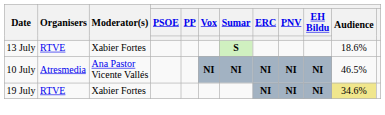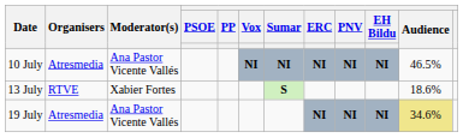 <table class="wikitable" style="text-align:center;">
 <tr>
 <th rowspan="3">Date</th>
 <th rowspan="3">Organisers</th>
 <th rowspan="3">Moderator(s)</th>
 <th colspan="9">          </th>
 </tr>
 <tr>
 <th scope="col" style="width:5em;"><a href='#'>PSOE</a></th>
 <th scope="col" style="width:5em;"><a href='#'>PP</a></th>
 <th scope="col" style="width:5em;"><a href='#'>Vox</a></th>
 <th scope="col" style="width:5em;"><a href='#'>Sumar</a></th>
 <th scope="col" style="width:5em;"><a href='#'>ERC</a></th>
 <th scope="col" style="width:5em;"><a href='#'>PNV</a></th>
 <th scope="col" style="width:5em;"><a href='#'>EH Bildu</a></th>
 <th rowspan="2" scope="col" style="width:5em;">Audience</th>
 <th rowspan="2"></th>
 </tr>
 <tr>
 <th style="color:inherit;background:"></th>
 <th style="color:inherit;background:"></th>
 <th style="color:inherit;background:"></th>
 <th style="color:inherit;background:"></th>
 <th style="color:inherit;background:"></th>
 <th style="color:inherit;background:"></th>
 <th style="color:inherit;background:"></th>
 </tr>
 <tr>
+<td style="white-space:nowrap; text-align:left;">10 July</td>
+<td style="white-space:nowrap; text-align:left;"><a href='#'>Atresmedia</a></td>
+<td style="white-space:nowrap; text-align:left;"><a href='#'>Ana Pastor</a><br>Vicente Vallés</td>
+<td></td>
+<td></td>
+<td style="background:#A2B2C2;"><strong>NI</strong></td>
+<td style="background:#A2B2C2;"><strong>NI</strong></td>
+<td style="background:#A2B2C2;"><strong>NI</strong></td>
+<td style="background:#A2B2C2;"><strong>NI</strong></td>
+<td style="background:#A2B2C2;"><strong>NI</strong></td>
+<td>46.5%<br></td>
+<td><br></td>
+</tr>
+<tr>
 <td style="white-space:nowrap; text-align:left;">13 July</td>
 <td style="white-space:nowrap; text-align:left;"><a href='#'>RTVE</a></td>
 <td style="white-space:nowrap; text-align:left;">Xabier Fortes</td>
 <td></td>
 <td></td>
 <td></td>
 <td style="background:#D0F0C0;"><strong>S</strong><br></td>
 <td></td>
 <td></td>
 <td></td>
 <td>18.6%<br></td>
 <td><br></td>
 </tr>
 <tr>
-<td style="white-space:nowrap; text-align:left;">10 July</td>
+<td style="white-space:nowrap; text-align:left;">19 July</td>
 <td style="white-space:nowrap; text-align:left;"><a href='#'>Atresmedia</a></td>
 <td style="white-space:nowrap; text-align:left;"><a href='#'>Ana Pastor</a><br>Vicente Vallés</td>
-<td></td>
-<td></td>
-<td style="background:#A2B2C2;"><strong>NI</strong></td>
-<td style="background:#A2B2C2;"><strong>NI</strong></td>
-<td style="background:#A2B2C2;"><strong>NI</strong></td>
-<td style="background:#A2B2C2;"><strong>NI</strong></td>
-<td style="background:#A2B2C2;"><strong>NI</strong></td>
-<td>46.5%<br></td>
-<td><br></td>
-</tr>
-<tr>
-<td style="white-space:nowrap; text-align:left;">19 July</td>
-<td style="white-space:nowrap; text-align:left;"><a href='#'>RTVE</a></td>
-<td style="white-space:nowrap; text-align:left;">Xabier Fortes</td>
 <td></td>
 <td></td>
 <td></td>
 <td></td>
 <td style="background:#A2B2C2;"><strong>NI</strong></td>
 <td style="background:#A2B2C2;"><strong>NI</strong></td>
 <td style="background:#A2B2C2;"><strong>NI</strong></td>
 <td style="background: khaki;">34.6%<br></td>
 <td></td>
 </tr>
 </table>
